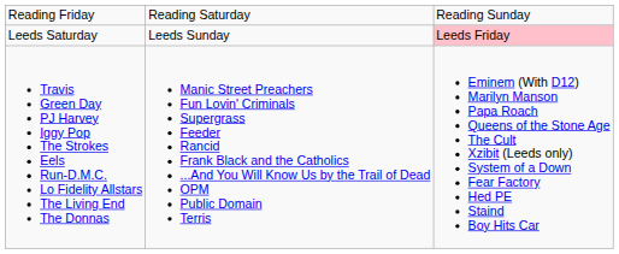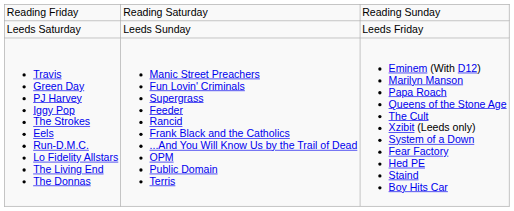 <table class="wikitable">
 <tr>
 <td>Reading Friday</td>
 <td>Reading Saturday</td>
 <td>Reading Sunday</td>
 </tr>
 <tr>
 <td>Leeds Saturday</td>
 <td>Leeds Sunday</td>
-<td style="background: pink;">Leeds Friday</td>
+<td>Leeds Friday</td>
 </tr>
 <tr>
 <td><br><ul><li><a href='#'>Travis</a></li><li><a href='#'>Green Day</a></li><li><a href='#'>PJ Harvey</a></li><li><a href='#'>Iggy Pop</a></li><li><a href='#'>The Strokes</a></li><li><a href='#'>Eels</a></li><li><a href='#'>Run-D.M.C.</a></li><li><a href='#'>Lo Fidelity Allstars</a></li><li><a href='#'>The Living End</a></li><li><a href='#'>The Donnas</a></li></ul></td>
 <td><br><ul><li><a href='#'>Manic Street Preachers</a></li><li><a href='#'>Fun Lovin' Criminals</a></li><li><a href='#'>Supergrass</a></li><li><a href='#'>Feeder</a></li><li><a href='#'>Rancid</a></li><li><a href='#'>Frank Black and the Catholics</a></li><li><a href='#'>...And You Will Know Us by the Trail of Dead</a></li><li><a href='#'>OPM</a></li><li><a href='#'>Public Domain</a></li><li><a href='#'>Terris</a></li></ul></td>
 <td><br><ul><li><a href='#'>Eminem</a> (With <a href='#'>D12</a>)</li><li><a href='#'>Marilyn Manson</a></li><li><a href='#'>Papa Roach</a></li><li><a href='#'>Queens of the Stone Age</a></li><li><a href='#'>The Cult</a></li><li><a href='#'>Xzibit</a> (Leeds only)</li><li><a href='#'>System of a Down</a></li><li><a href='#'>Fear Factory</a></li><li><a href='#'>Hed PE</a></li><li><a href='#'>Staind</a></li><li><a href='#'>Boy Hits Car</a></li></ul></td>
 </tr>
 </table>
